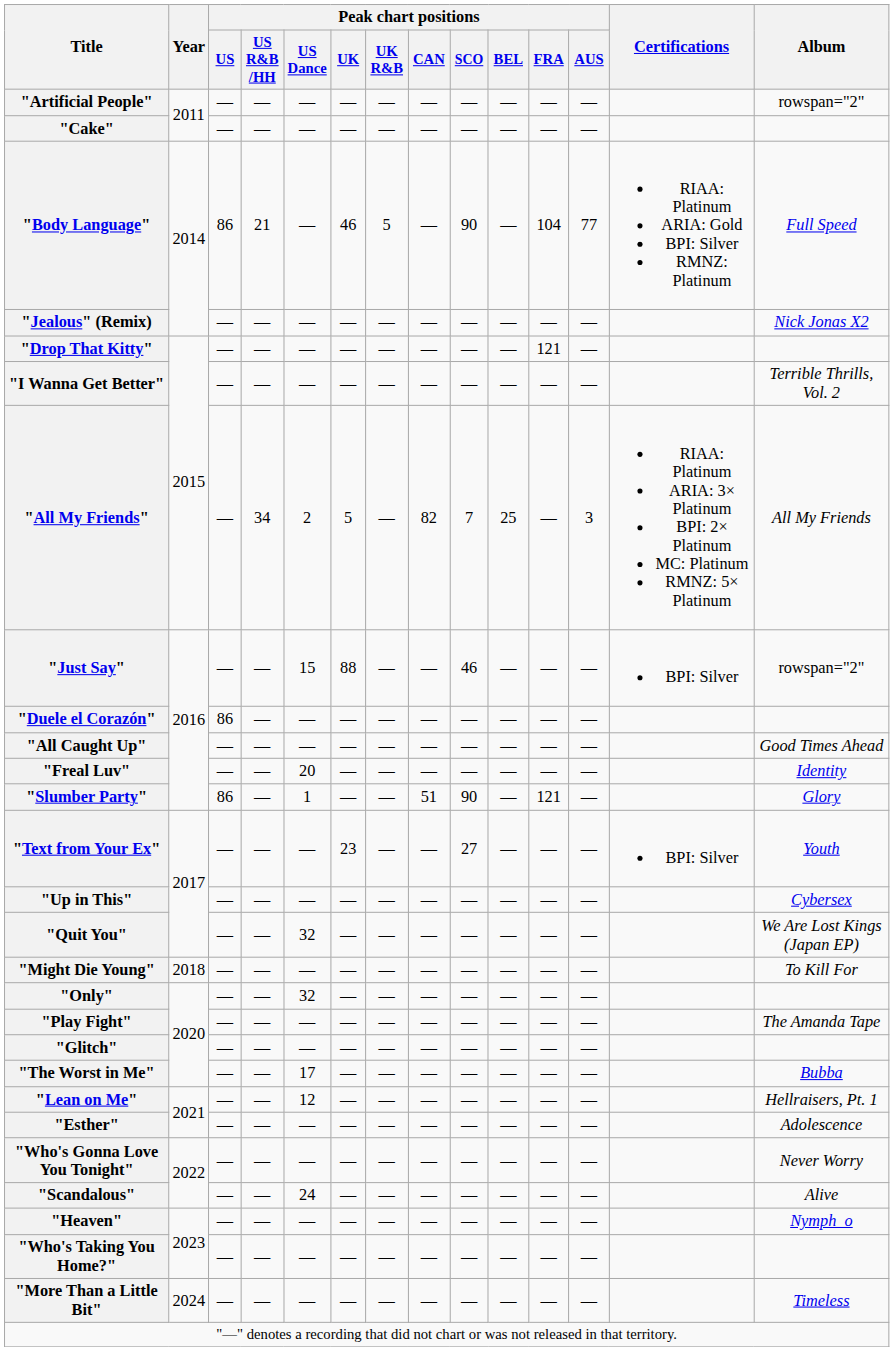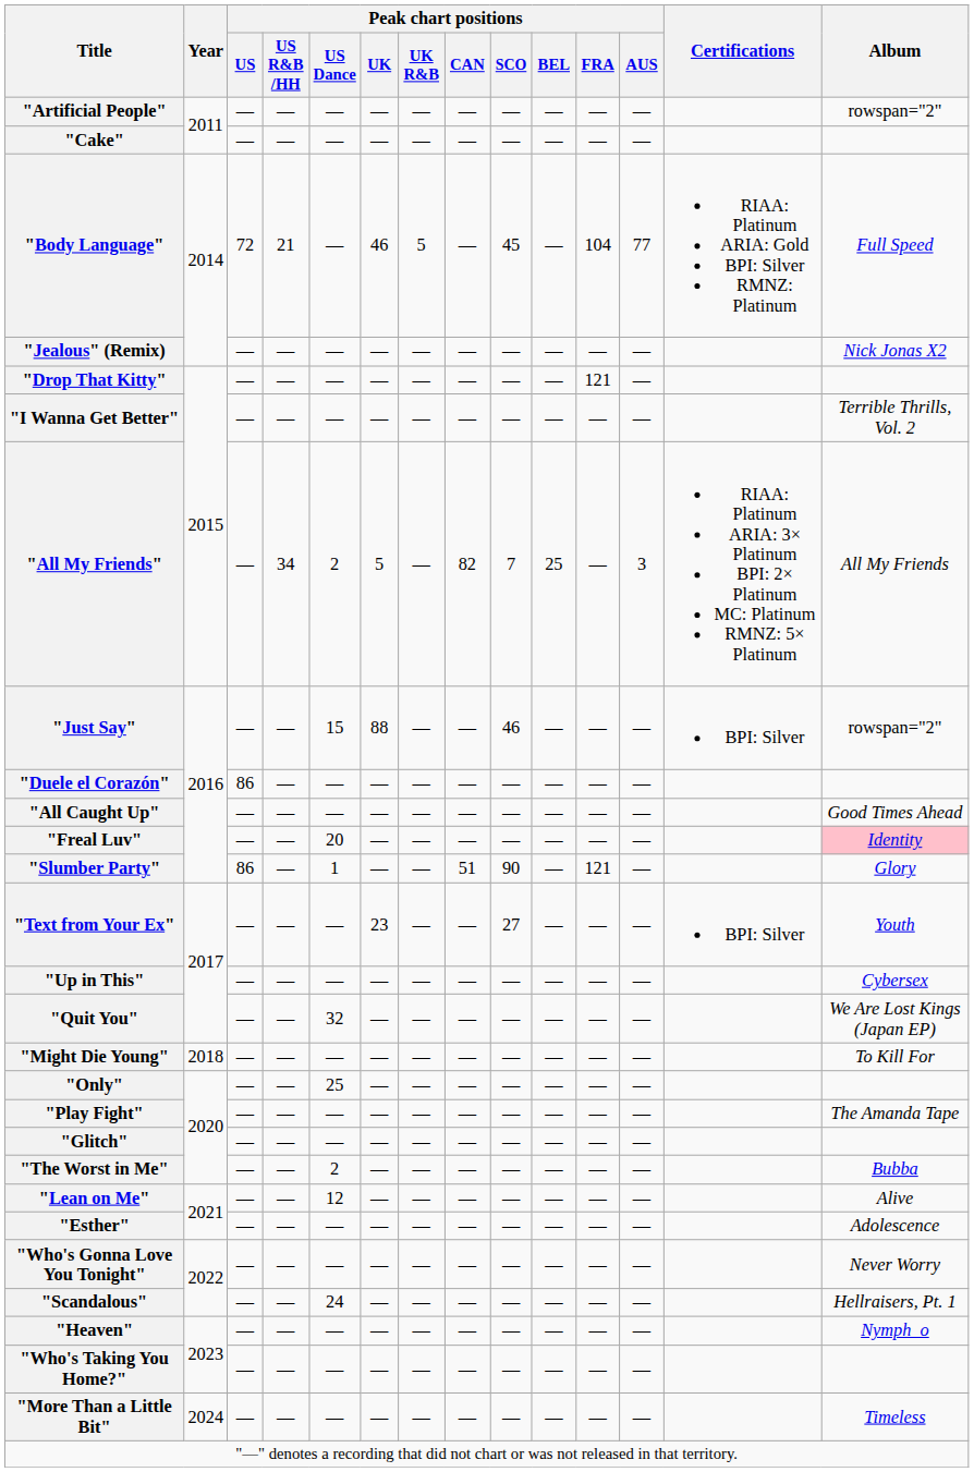 <table class="wikitable plainrowheaders" style="text-align:center;">
 <tr>
 <th scope="col" rowspan="2" style="width:20em;">Title</th>
 <th scope="col" rowspan="2" style="width:1em;">Year</th>
 <th scope="col" colspan="10">Peak chart positions</th>
 <th scope="col" rowspan="2" style="width:15em;"><a href='#'>Certifications</a></th>
 <th scope="col" rowspan="2" style="width:15em;">Album</th>
 </tr>
 <tr>
 <th scope="col" style="width:3em;font-size:90%;"><a href='#'>US</a><br></th>
 <th scope="col" style="width:3em;font-size:90%;"><a href='#'>US<br>R&B<br>/HH</a><br></th>
 <th scope="col" style="width:3em;font-size:90%;"><a href='#'>US</a><br><a href='#'>Dance</a><br></th>
 <th scope="col" style="width:3em;font-size:90%;"><a href='#'>UK</a><br></th>
 <th scope="col" style="width:3em;font-size:90%;"><a href='#'>UK<br>R&B</a><br></th>
 <th scope="col" style="width:3em;font-size:90%;"><a href='#'>CAN</a><br></th>
 <th scope="col" style="width:3em;font-size:85%;"><a href='#'>SCO</a></th>
 <th scope="col" style="width:3em;font-size:90%;"><a href='#'>BEL</a><br></th>
 <th scope="col" style="width:3em;font-size:90%;"><a href='#'>FRA</a><br></th>
 <th scope="col" style="width:3em;font-size:90%;"><a href='#'>AUS</a><br></th>
 </tr>
 <tr>
 <th scope="row">"Artificial People"<br></th>
 <td rowspan="2">2011</td>
 <td>—</td>
 <td>—</td>
 <td>—</td>
 <td>—</td>
 <td>—</td>
 <td>—</td>
 <td>—</td>
 <td>—</td>
 <td>—</td>
 <td>—</td>
 <td></td>
 <td>rowspan="2" </td>
 </tr>
 <tr>
 <th scope="row">"Cake"<br></th>
 <td>—</td>
 <td>—</td>
 <td>—</td>
 <td>—</td>
 <td>—</td>
 <td>—</td>
 <td>—</td>
 <td>—</td>
 <td>—</td>
 <td>—</td>
 <td></td>
 </tr>
 <tr>
 <th scope="row">"<a href='#'>Body Language</a>"<br></th>
 <td rowspan="2">2014</td>
-<td>86<br></td>
+<td>72</td>
 <td>21</td>
 <td>—</td>
 <td>46</td>
 <td>5</td>
 <td>—</td>
-<td>90</td>
+<td>45</td>
 <td>—</td>
 <td>104</td>
 <td>77</td>
 <td><br><ul><li>RIAA: Platinum</li><li>ARIA: Gold</li><li>BPI: Silver</li><li>RMNZ: Platinum</li></ul></td>
 <td><em><a href='#'>Full Speed</a></em></td>
 </tr>
 <tr>
 <th scope="row">"<a href='#'>Jealous</a>" (Remix)<br></th>
 <td>—</td>
 <td>—</td>
 <td>—</td>
 <td>—</td>
 <td>—</td>
 <td>—</td>
 <td>—</td>
 <td>—</td>
 <td>—</td>
 <td>—</td>
 <td></td>
 <td><em><a href='#'>Nick Jonas X2</a></em></td>
 </tr>
 <tr>
 <th scope="row">"<a href='#'>Drop That Kitty</a>"<br></th>
 <td rowspan="3">2015</td>
 <td>—</td>
 <td>—</td>
 <td>—</td>
 <td>—</td>
 <td>—</td>
 <td>—</td>
 <td>—</td>
 <td>—</td>
 <td>121</td>
 <td>—</td>
 <td></td>
 <td></td>
 </tr>
 <tr>
 <th scope="row">"I Wanna Get Better"<br></th>
 <td>—</td>
 <td>—</td>
 <td>—</td>
 <td>—</td>
 <td>—</td>
 <td>—</td>
 <td>—</td>
 <td>—</td>
 <td>—</td>
 <td>—</td>
 <td></td>
 <td><em>Terrible Thrills, Vol. 2</em></td>
 </tr>
 <tr>
 <th scope="row">"<a href='#'>All My Friends</a>"<br></th>
 <td>—</td>
 <td>34</td>
 <td>2</td>
 <td>5</td>
 <td>—</td>
 <td>82</td>
 <td>7</td>
 <td>25</td>
 <td>—</td>
 <td>3</td>
 <td><br><ul><li>RIAA: Platinum</li><li>ARIA: 3× Platinum</li><li>BPI: 2× Platinum</li><li>MC: Platinum</li><li>RMNZ: 5× Platinum</li></ul></td>
 <td><em>All My Friends</em></td>
 </tr>
 <tr>
 <th scope="row">"<a href='#'>Just Say</a>"<br></th>
 <td rowspan="5">2016</td>
 <td>—</td>
 <td>—</td>
 <td>15</td>
 <td>88</td>
 <td>—</td>
 <td>—</td>
 <td>46</td>
 <td>—</td>
 <td>—</td>
 <td>—</td>
 <td><br><ul><li>BPI: Silver</li></ul></td>
 <td>rowspan="2" </td>
 </tr>
 <tr>
 <th scope="row">"<a href='#'>Duele el Corazón</a>"<br></th>
 <td>86<br></td>
 <td>—</td>
 <td>—</td>
 <td>—</td>
 <td>—</td>
 <td>—</td>
 <td>—</td>
 <td>—</td>
 <td>—</td>
 <td>—</td>
 <td></td>
 </tr>
 <tr>
 <th scope="row">"All Caught Up" <br> </th>
 <td>—</td>
 <td>—</td>
 <td>—</td>
 <td>—</td>
 <td>—</td>
 <td>—</td>
 <td>—</td>
 <td>—</td>
 <td>—</td>
 <td>—</td>
 <td></td>
 <td><em>Good Times Ahead</em></td>
 </tr>
 <tr>
 <th scope="row">"Freal Luv"<br></th>
 <td>—</td>
 <td>—</td>
 <td>20</td>
 <td>—</td>
 <td>—</td>
 <td>—</td>
 <td>—</td>
 <td>—</td>
 <td>—</td>
 <td>—</td>
 <td></td>
-<td><em><a href='#'>Identity</a></em></td>
+<td style="background: pink;"><em><a href='#'>Identity</a></em></td>
 </tr>
 <tr>
 <th scope="row">"<a href='#'>Slumber Party</a>"<br></th>
 <td>86<br></td>
 <td>—</td>
 <td>1</td>
 <td>—</td>
 <td>—</td>
 <td>51</td>
 <td>90</td>
 <td>—</td>
 <td>121</td>
 <td>—</td>
 <td></td>
 <td><em><a href='#'>Glory</a></em></td>
 </tr>
 <tr>
 <th scope="row">"<a href='#'>Text from Your Ex</a>"<br></th>
 <td rowspan="3">2017</td>
 <td>—</td>
 <td>—</td>
 <td>—</td>
 <td>23</td>
 <td>—</td>
 <td>—</td>
 <td>27</td>
 <td>—</td>
 <td>—</td>
 <td>—</td>
 <td><br><ul><li>BPI: Silver</li></ul></td>
 <td><em><a href='#'>Youth</a></em></td>
 </tr>
 <tr>
 <th scope="row">"Up in This"<br></th>
 <td>—</td>
 <td>—</td>
 <td>—</td>
 <td>—</td>
 <td>—</td>
 <td>—</td>
 <td>—</td>
 <td>—</td>
 <td>—</td>
 <td>—</td>
 <td></td>
 <td><em><a href='#'>Cybersex</a></em></td>
 </tr>
 <tr>
 <th scope="row">"Quit You"<br></th>
 <td>—</td>
 <td>—</td>
 <td>32</td>
 <td>—</td>
 <td>—</td>
 <td>—</td>
 <td>—</td>
 <td>—</td>
 <td>—</td>
 <td>—</td>
 <td></td>
 <td><em>We Are Lost Kings (Japan EP)</em></td>
 </tr>
 <tr>
 <th scope="row">"Might Die Young"<br></th>
 <td>2018</td>
 <td>—</td>
 <td>—</td>
 <td>—</td>
 <td>—</td>
 <td>—</td>
 <td>—</td>
 <td>—</td>
 <td>—</td>
 <td>—</td>
 <td>—</td>
 <td></td>
 <td><em>To Kill For</em></td>
 </tr>
 <tr>
 <th scope="row">"Only" <br></th>
 <td rowspan="4">2020</td>
 <td>—</td>
 <td>—</td>
-<td>32</td>
+<td>25</td>
 <td>—</td>
 <td>—</td>
 <td>—</td>
 <td>—</td>
 <td>—</td>
 <td>—</td>
 <td>—</td>
 <td></td>
 <td></td>
 </tr>
 <tr>
 <th scope="row">"Play Fight"<br></th>
 <td>—</td>
 <td>—</td>
 <td>—</td>
 <td>—</td>
 <td>—</td>
 <td>—</td>
 <td>—</td>
 <td>—</td>
 <td>—</td>
 <td>—</td>
 <td></td>
 <td><em>The Amanda Tape</em></td>
 </tr>
 <tr>
 <th scope="row">"Glitch"<br></th>
 <td>—</td>
 <td>—</td>
 <td>—</td>
 <td>—</td>
 <td>—</td>
 <td>—</td>
 <td>—</td>
 <td>—</td>
 <td>—</td>
 <td>—</td>
 <td></td>
 <td></td>
 </tr>
 <tr>
 <th scope="row">"The Worst in Me"<br></th>
 <td>—</td>
 <td>—</td>
-<td>17</td>
+<td>2</td>
 <td>—</td>
 <td>—</td>
 <td>—</td>
 <td>—</td>
 <td>—</td>
 <td>—</td>
 <td>—</td>
 <td></td>
 <td><em><a href='#'>Bubba</a></em></td>
 </tr>
 <tr>
 <th scope="row">"<a href='#'>Lean on Me</a>"<br></th>
 <td rowspan="2">2021</td>
 <td>—</td>
 <td>—</td>
 <td>12</td>
 <td>—</td>
 <td>—</td>
 <td>—</td>
 <td>—</td>
 <td>—</td>
 <td>—</td>
 <td>—</td>
 <td></td>
-<td><em>Hellraisers, Pt. 1</em></td>
+<td><em>Alive</em></td>
 </tr>
 <tr>
 <th scope="row">"Esther"<br></th>
 <td>—</td>
 <td>—</td>
 <td>—</td>
 <td>—</td>
 <td>—</td>
 <td>—</td>
 <td>—</td>
 <td>—</td>
 <td>—</td>
 <td>—</td>
 <td></td>
 <td><em>Adolescence</em></td>
 </tr>
 <tr>
 <th scope="row">"Who's Gonna Love You Tonight"<br></th>
 <td rowspan="2">2022</td>
 <td>—</td>
 <td>—</td>
 <td>—</td>
 <td>—</td>
 <td>—</td>
 <td>—</td>
 <td>—</td>
 <td>—</td>
 <td>—</td>
 <td>—</td>
 <td></td>
 <td><em>Never Worry</em></td>
 </tr>
 <tr>
 <th scope="row">"Scandalous"<br></th>
 <td>—</td>
 <td>—</td>
 <td>24</td>
 <td>—</td>
 <td>—</td>
 <td>—</td>
 <td>—</td>
 <td>—</td>
 <td>—</td>
 <td>—</td>
 <td></td>
-<td><em>Alive</em></td>
+<td><em>Hellraisers, Pt. 1</em></td>
 </tr>
 <tr>
 <th scope="row">"Heaven"<br></th>
 <td rowspan="2">2023</td>
 <td>—</td>
 <td>—</td>
 <td>—</td>
 <td>—</td>
 <td>—</td>
 <td>—</td>
 <td>—</td>
 <td>—</td>
 <td>—</td>
 <td>—</td>
 <td></td>
 <td><em><a href='#'>Nymph_o</a></em></td>
 </tr>
 <tr>
 <th scope="row">"Who's Taking You Home?"<br></th>
 <td>—</td>
 <td>—</td>
 <td>—</td>
 <td>—</td>
 <td>—</td>
 <td>—</td>
 <td>—</td>
 <td>—</td>
 <td>—</td>
 <td>—</td>
 <td></td>
 <td></td>
 </tr>
 <tr>
 <th scope="row">"More Than a Little Bit"<br></th>
 <td>2024</td>
 <td>—</td>
 <td>—</td>
 <td>—</td>
 <td>—</td>
 <td>—</td>
 <td>—</td>
 <td>—</td>
 <td>—</td>
 <td>—</td>
 <td>—</td>
 <td></td>
 <td><em><a href='#'>Timeless</a></em></td>
 </tr>
 <tr>
 <td style="font-size:90%" colspan="14">"—" denotes a recording that did not chart or was not released in that territory.</td>
 </tr>
 </table>
